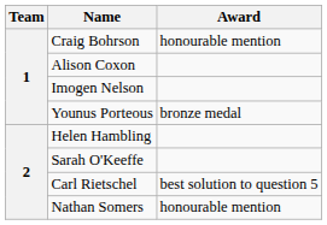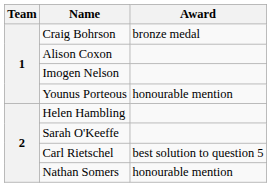 <table class="wikitable">
 <tr>
 <th>Team</th>
 <th>Name</th>
 <th>Award</th>
 </tr>
 <tr>
 <th rowspan=4 valign="middle">1</th>
 <td>Craig Bohrson</td>
-<td>honourable mention</td>
+<td>bronze medal</td>
 </tr>
 <tr>
 <td>Alison Coxon</td>
 <td></td>
 </tr>
 <tr>
 <td>Imogen Nelson</td>
 <td></td>
 </tr>
 <tr>
 <td>Younus Porteous</td>
-<td>bronze medal</td>
+<td>honourable mention</td>
 </tr>
 <tr>
 <th rowspan=4 valign="middle">2</th>
 <td>Helen Hambling</td>
 <td></td>
 </tr>
 <tr>
 <td>Sarah O'Keeffe</td>
 <td></td>
 </tr>
 <tr>
 <td>Carl Rietschel</td>
 <td>best solution to question 5</td>
 </tr>
 <tr>
 <td>Nathan Somers</td>
 <td>honourable mention</td>
 </tr>
 </table>
